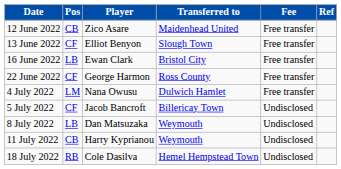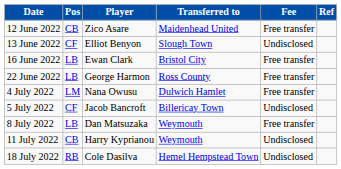 <table class="wikitable plainrowheaders sortable">
 <tr>
 <th style="background:#004EA7; color:#FFFFFF; ">Date</th>
 <th style="background:#004EA7; color:#FFFFFF; ">Pos</th>
 <th style="background:#004EA7; color:#FFFFFF; ">Player</th>
 <th style="background:#004EA7; color:#FFFFFF; ">Transferred to</th>
 <th style="background:#004EA7; color:#FFFFFF; ">Fee</th>
 <th style="background:#004EA7; color:#FFFFFF; ">Ref</th>
 </tr>
 <tr>
 <td>12 June 2022</td>
 <td><a href='#'>CB</a></td>
 <td> Zico Asare</td>
 <td> <a href='#'>Maidenhead United</a></td>
 <td>Free transfer</td>
 <td></td>
 </tr>
 <tr>
 <td>13 June 2022</td>
 <td><a href='#'>CF</a></td>
 <td> Elliot Benyon</td>
 <td> <a href='#'>Slough Town</a></td>
-<td>Free transfer</td>
+<td>Undisclosed</td>
 <td></td>
 </tr>
 <tr>
 <td>16 June 2022</td>
 <td><a href='#'>LB</a></td>
 <td> Ewan Clark</td>
 <td> <a href='#'>Bristol City</a></td>
 <td>Free transfer</td>
 <td></td>
 </tr>
 <tr>
 <td>22 June 2022</td>
-<td><a href='#'>CF</a></td>
+<td><a href='#'>LB</a></td>
 <td> George Harmon</td>
 <td> <a href='#'>Ross County</a></td>
 <td>Free transfer</td>
 <td></td>
 </tr>
 <tr>
 <td>4 July 2022</td>
 <td><a href='#'>LM</a></td>
 <td> Nana Owusu</td>
 <td> <a href='#'>Dulwich Hamlet</a></td>
 <td>Free transfer</td>
 <td></td>
 </tr>
 <tr>
 <td>5 July 2022</td>
 <td><a href='#'>CF</a></td>
 <td> Jacob Bancroft</td>
 <td> <a href='#'>Billericay Town</a></td>
 <td>Undisclosed</td>
 <td></td>
 </tr>
 <tr>
 <td>8 July 2022</td>
 <td><a href='#'>LB</a></td>
 <td> Dan Matsuzaka</td>
 <td> <a href='#'>Weymouth</a></td>
-<td>Undisclosed</td>
+<td>Free transfer</td>
 <td></td>
 </tr>
 <tr>
 <td>11 July 2022</td>
 <td><a href='#'>CB</a></td>
 <td> Harry Kyprianou</td>
 <td> <a href='#'>Weymouth</a></td>
 <td>Undisclosed</td>
 <td></td>
 </tr>
 <tr>
 <td>18 July 2022</td>
 <td><a href='#'>RB</a></td>
 <td> Cole Dasilva</td>
 <td> <a href='#'>Hemel Hempstead Town</a></td>
 <td>Undisclosed</td>
 <td></td>
 </tr>
 </table>
